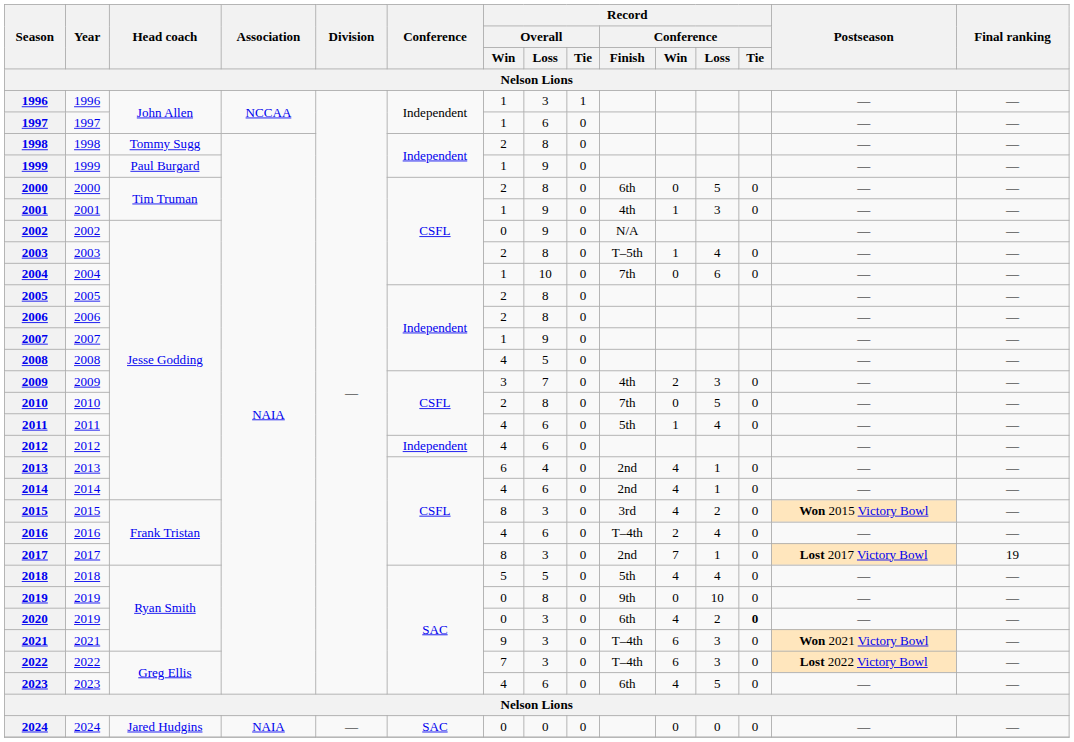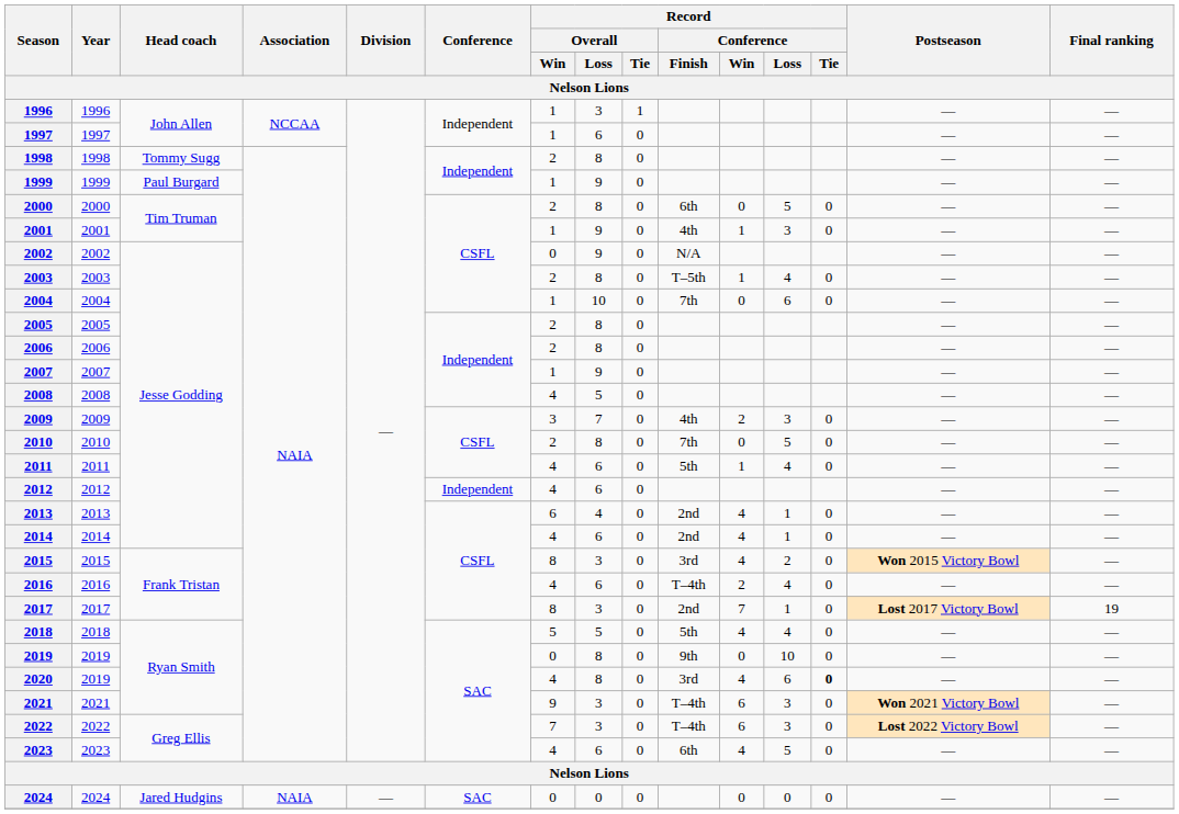 <table class="wikitable" style="font-size: 95%; width:98%;text-align:center;">
 <tr>
 <th rowspan="3">Season</th>
 <th rowspan="3">Year</th>
 <th rowspan="3">Head coach</th>
 <th rowspan="3">Association</th>
 <th rowspan="3">Division</th>
 <th rowspan="3">Conference</th>
 <th colspan="7">Record</th>
 <th rowspan="3">Postseason</th>
 <th rowspan="3">Final ranking</th>
 </tr>
 <tr>
 <th colspan="3">Overall</th>
 <th colspan="4">Conference</th>
 </tr>
 <tr>
 <th>Win</th>
 <th>Loss</th>
 <th>Tie</th>
 <th>Finish</th>
 <th>Win</th>
 <th>Loss</th>
 <th>Tie</th>
 </tr>
 <tr>
 <th colspan="15">Nelson Lions</th>
 </tr>
 <tr>
 <th><a href='#'>1996</a></th>
 <td><a href='#'>1996</a></td>
 <td rowspan="2"><a href='#'>John Allen</a></td>
 <td rowspan="2"><a href='#'>NCCAA</a></td>
 <td rowspan="28">—</td>
 <td rowspan="2">Independent</td>
 <td>1</td>
 <td>3</td>
 <td>1</td>
 <td></td>
 <td></td>
 <td></td>
 <td></td>
 <td>—</td>
 <td>—</td>
 </tr>
 <tr>
 <th><a href='#'>1997</a></th>
 <td><a href='#'>1997</a></td>
 <td>1</td>
 <td>6</td>
 <td>0</td>
 <td></td>
 <td></td>
 <td></td>
 <td></td>
 <td>—</td>
 <td>—</td>
 </tr>
 <tr>
 <th><a href='#'>1998</a></th>
 <td><a href='#'>1998</a></td>
 <td><a href='#'>Tommy Sugg</a></td>
 <td rowspan="26"><a href='#'>NAIA</a></td>
 <td rowspan="2"><a href='#'>Independent</a></td>
 <td>2</td>
 <td>8</td>
 <td>0</td>
 <td></td>
 <td></td>
 <td></td>
 <td></td>
 <td>—</td>
 <td>—</td>
 </tr>
 <tr>
 <th><a href='#'>1999</a></th>
 <td><a href='#'>1999</a></td>
 <td><a href='#'>Paul Burgard</a></td>
 <td>1</td>
 <td>9</td>
 <td>0</td>
 <td></td>
 <td></td>
 <td></td>
 <td></td>
 <td>—</td>
 <td>—</td>
 </tr>
 <tr>
 <th><a href='#'>2000</a></th>
 <td><a href='#'>2000</a></td>
 <td rowspan="2"><a href='#'>Tim Truman</a></td>
 <td rowspan="5"><a href='#'>CSFL</a></td>
 <td>2</td>
 <td>8</td>
 <td>0</td>
 <td>6th</td>
 <td>0</td>
 <td>5</td>
 <td>0</td>
 <td>—</td>
 <td>—</td>
 </tr>
 <tr>
 <th><a href='#'>2001</a></th>
 <td><a href='#'>2001</a></td>
 <td>1</td>
 <td>9</td>
 <td>0</td>
 <td>4th</td>
 <td>1</td>
 <td>3</td>
 <td>0</td>
 <td>—</td>
 <td>—</td>
 </tr>
 <tr>
 <th><a href='#'>2002</a></th>
 <td><a href='#'>2002</a></td>
 <td rowspan="13"><a href='#'>Jesse Godding</a></td>
 <td>0</td>
 <td>9</td>
 <td>0</td>
 <td>N/A</td>
 <td></td>
 <td></td>
 <td></td>
 <td>—</td>
 <td>—</td>
 </tr>
 <tr>
 <th><a href='#'>2003</a></th>
 <td><a href='#'>2003</a></td>
 <td>2</td>
 <td>8</td>
 <td>0</td>
 <td>T–5th</td>
 <td>1</td>
 <td>4</td>
 <td>0</td>
 <td>—</td>
 <td>—</td>
 </tr>
 <tr>
 <th><a href='#'>2004</a></th>
 <td><a href='#'>2004</a></td>
 <td>1</td>
 <td>10</td>
 <td>0</td>
 <td>7th</td>
 <td>0</td>
 <td>6</td>
 <td>0</td>
 <td>—</td>
 <td>—</td>
 </tr>
 <tr>
 <th><a href='#'>2005</a></th>
 <td><a href='#'>2005</a></td>
 <td rowspan="4"><a href='#'>Independent</a></td>
 <td>2</td>
 <td>8</td>
 <td>0</td>
 <td></td>
 <td></td>
 <td></td>
 <td></td>
 <td>—</td>
 <td>—</td>
 </tr>
 <tr>
 <th><a href='#'>2006</a></th>
 <td><a href='#'>2006</a></td>
 <td>2</td>
 <td>8</td>
 <td>0</td>
 <td></td>
 <td></td>
 <td></td>
 <td></td>
 <td>—</td>
 <td>—</td>
 </tr>
 <tr>
 <th><a href='#'>2007</a></th>
 <td><a href='#'>2007</a></td>
 <td>1</td>
 <td>9</td>
 <td>0</td>
 <td></td>
 <td></td>
 <td></td>
 <td></td>
 <td>—</td>
 <td>—</td>
 </tr>
 <tr>
 <th><a href='#'>2008</a></th>
 <td><a href='#'>2008</a></td>
 <td>4</td>
 <td>5</td>
 <td>0</td>
 <td></td>
 <td></td>
 <td></td>
 <td></td>
 <td>—</td>
 <td>—</td>
 </tr>
 <tr>
 <th><a href='#'>2009</a></th>
 <td><a href='#'>2009</a></td>
 <td rowspan="3"><a href='#'>CSFL</a></td>
 <td>3</td>
 <td>7</td>
 <td>0</td>
 <td>4th</td>
 <td>2</td>
 <td>3</td>
 <td>0</td>
 <td>—</td>
 <td>—</td>
 </tr>
 <tr>
 <th><a href='#'>2010</a></th>
 <td><a href='#'>2010</a></td>
 <td>2</td>
 <td>8</td>
 <td>0</td>
 <td>7th</td>
 <td>0</td>
 <td>5</td>
 <td>0</td>
 <td>—</td>
 <td>—</td>
 </tr>
 <tr>
 <th><a href='#'>2011</a></th>
 <td><a href='#'>2011</a></td>
 <td>4</td>
 <td>6</td>
 <td>0</td>
 <td>5th</td>
 <td>1</td>
 <td>4</td>
 <td>0</td>
 <td>—</td>
 <td>—</td>
 </tr>
 <tr>
 <th><a href='#'>2012</a></th>
 <td><a href='#'>2012</a></td>
 <td><a href='#'>Independent</a></td>
 <td>4</td>
 <td>6</td>
 <td>0</td>
 <td></td>
 <td></td>
 <td></td>
 <td></td>
 <td>—</td>
 <td>—</td>
 </tr>
 <tr>
 <th><a href='#'>2013</a></th>
 <td><a href='#'>2013</a></td>
 <td rowspan="5"><a href='#'>CSFL</a></td>
 <td>6</td>
 <td>4</td>
 <td>0</td>
 <td>2nd</td>
 <td>4</td>
 <td>1</td>
 <td>0</td>
 <td>—</td>
 <td>—</td>
 </tr>
 <tr>
 <th><a href='#'>2014</a></th>
 <td><a href='#'>2014</a></td>
 <td>4</td>
 <td>6</td>
 <td>0</td>
 <td>2nd</td>
 <td>4</td>
 <td>1</td>
 <td>0</td>
 <td>—</td>
 <td>—</td>
 </tr>
 <tr>
 <th><a href='#'>2015</a></th>
 <td><a href='#'>2015</a></td>
 <td rowspan="3"><a href='#'>Frank Tristan</a></td>
 <td>8</td>
 <td>3</td>
 <td>0</td>
 <td>3rd</td>
 <td>4</td>
 <td>2</td>
 <td>0</td>
 <td bgcolor="#ffe6bd"><strong>Won</strong> 2015 <a href='#'>Victory Bowl</a></td>
 <td>—</td>
 </tr>
 <tr>
 <th><a href='#'>2016</a></th>
 <td><a href='#'>2016</a></td>
 <td>4</td>
 <td>6</td>
 <td>0</td>
 <td>T–4th</td>
 <td>2</td>
 <td>4</td>
 <td>0</td>
 <td>—</td>
 <td>—</td>
 </tr>
 <tr>
 <th><a href='#'>2017</a></th>
 <td><a href='#'>2017</a></td>
 <td>8</td>
 <td>3</td>
 <td>0</td>
 <td>2nd</td>
 <td>7</td>
 <td>1</td>
 <td>0</td>
 <td bgcolor="#ffe6bd"><strong>Lost</strong> 2017 <a href='#'>Victory Bowl</a></td>
 <td>19</td>
 </tr>
 <tr>
 <th><a href='#'>2018</a></th>
 <td><a href='#'>2018</a></td>
 <td rowspan="4"><a href='#'>Ryan Smith</a></td>
 <td rowspan="6"><a href='#'>SAC</a></td>
 <td>5</td>
 <td>5</td>
 <td>0</td>
 <td>5th</td>
 <td>4</td>
 <td>4</td>
 <td>0</td>
 <td>—</td>
 <td>—</td>
 </tr>
 <tr>
 <th><a href='#'>2019</a></th>
 <td><a href='#'>2019</a></td>
 <td>0</td>
 <td>8</td>
 <td>0</td>
 <td>9th</td>
 <td>0</td>
 <td>10</td>
 <td>0</td>
 <td>—</td>
 <td>—</td>
 </tr>
 <tr>
 <th><a href='#'>2020</a></th>
 <td><a href='#'>2019</a></td>
+<td>4</td>
+<td>8</td>
 <td>0</td>
-<td>3</td>
-<td>0</td>
-<td>6th</td>
+<td>3rd</td>
 <td>4</td>
-<td>2</td>
+<td>6</td>
 <td><strong>0</strong></td>
 <td>—</td>
 <td>—</td>
 </tr>
 <tr>
 <th><a href='#'>2021</a></th>
 <td><a href='#'>2021</a></td>
 <td>9</td>
 <td>3</td>
 <td>0</td>
 <td>T–4th</td>
 <td>6</td>
 <td>3</td>
 <td>0</td>
 <td bgcolor="#ffe6bd"><strong>Won</strong> 2021 <a href='#'>Victory Bowl</a></td>
 <td>—</td>
 </tr>
 <tr>
 <th><a href='#'>2022</a></th>
 <td><a href='#'>2022</a></td>
 <td rowspan="2"><a href='#'>Greg Ellis</a></td>
 <td>7</td>
 <td>3</td>
 <td>0</td>
 <td>T–4th</td>
 <td>6</td>
 <td>3</td>
 <td>0</td>
 <td bgcolor="#ffe6bd"><strong>Lost</strong> 2022 <a href='#'>Victory Bowl</a></td>
 <td>—</td>
 </tr>
 <tr>
 <th><a href='#'>2023</a></th>
 <td><a href='#'>2023</a></td>
 <td>4</td>
 <td>6</td>
 <td>0</td>
 <td>6th</td>
 <td>4</td>
 <td>5</td>
 <td>0</td>
 <td>—</td>
 <td>—</td>
 </tr>
 <tr>
 <th colspan="15">Nelson Lions</th>
 </tr>
 <tr>
 <th><a href='#'>2024</a></th>
 <td><a href='#'>2024</a></td>
 <td><a href='#'>Jared Hudgins</a></td>
 <td><a href='#'>NAIA</a></td>
 <td>—</td>
 <td><a href='#'>SAC</a></td>
 <td>0</td>
 <td>0</td>
 <td>0</td>
 <td></td>
 <td>0</td>
 <td>0</td>
 <td>0</td>
 <td>—</td>
 <td>—</td>
 </tr>
 <tr>
 </tr>
 </table>
